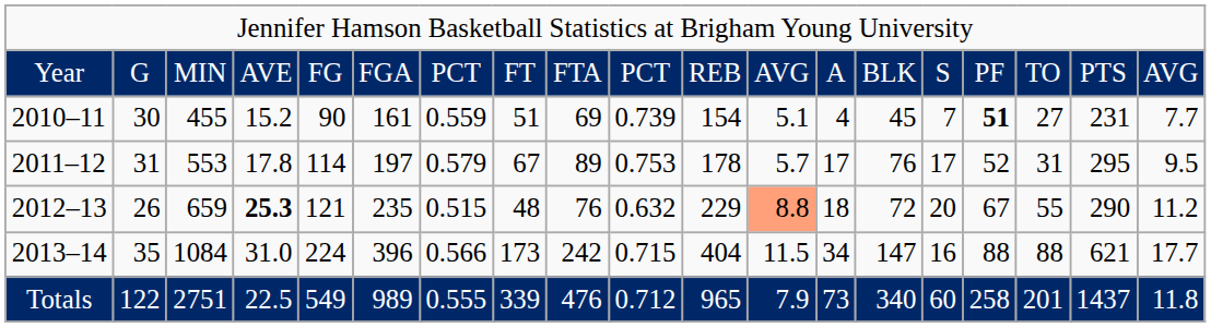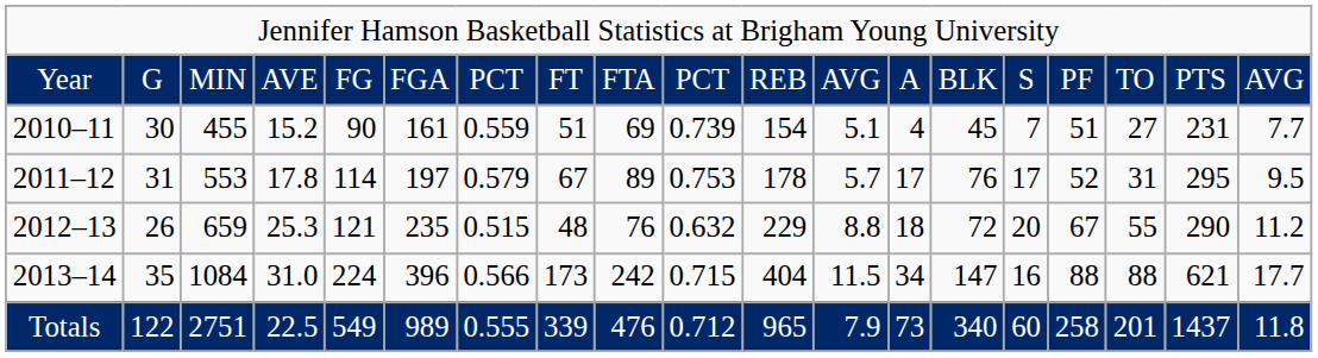 <table class="wikitable">
 <tr style="font-size:10pt" align="center" valign="bottom">
 <td colspan="20" height="14">Jennifer Hamson Basketball Statistics at Brigham Young University</td>
 </tr>
 <tr style="background-color:#002868;font-size:10pt;color:white" align="center" valign="bottom">
 <td height="15">Year</td>
 <td>G</td>
 <td>MIN</td>
 <td>AVE</td>
 <td>FG</td>
 <td>FGA</td>
 <td>PCT</td>
 <td>FT</td>
 <td>FTA</td>
 <td>PCT</td>
 <td>REB</td>
 <td>AVG</td>
 <td>A</td>
 <td>BLK</td>
 <td>S</td>
 <td>PF</td>
 <td>TO</td>
 <td>PTS</td>
 <td>AVG</td>
 </tr>
 <tr style="font-size:10pt">
 <td height="14"  valign="bottom">2010–11</td>
 <td align="right" valign="bottom">30</td>
 <td align="right" valign="bottom">455</td>
 <td align="right" valign="bottom">15.2</td>
 <td align="right" valign="bottom">90</td>
 <td align="right" valign="bottom">161</td>
 <td align="right" valign="bottom">0.559</td>
 <td align="right" valign="bottom">51</td>
 <td align="right" valign="bottom">69</td>
 <td align="right" valign="bottom">0.739</td>
 <td align="right" valign="bottom">154</td>
 <td align="right" valign="bottom">5.1</td>
 <td align="right" valign="bottom">4</td>
 <td align="right" valign="bottom">45</td>
 <td align="right" valign="bottom">7</td>
-<td align="right" valign="bottom"><strong>51</strong></td>
+<td align="right" valign="bottom">51</td>
 <td align="right" valign="bottom">27</td>
 <td align="right" valign="bottom">231</td>
 <td align="right" valign="bottom">7.7</td>
 </tr>
 <tr style="font-size:10pt">
 <td height="14"  valign="bottom">2011–12</td>
 <td align="right" valign="bottom">31</td>
 <td align="right" valign="bottom">553</td>
 <td align="right" valign="bottom">17.8</td>
 <td align="right" valign="bottom">114</td>
 <td align="right" valign="bottom">197</td>
 <td align="right" valign="bottom">0.579</td>
 <td align="right" valign="bottom">67</td>
 <td align="right" valign="bottom">89</td>
 <td align="right" valign="bottom">0.753</td>
 <td align="right" valign="bottom">178</td>
 <td align="right" valign="bottom">5.7</td>
 <td align="right" valign="bottom">17</td>
 <td align="right" valign="bottom">76</td>
 <td align="right" valign="bottom">17</td>
 <td align="right" valign="bottom">52</td>
 <td align="right" valign="bottom">31</td>
 <td align="right" valign="bottom">295</td>
 <td align="right" valign="bottom">9.5</td>
 </tr>
 <tr style="font-size:10pt">
 <td height="14"  valign="bottom">2012–13</td>
 <td align="right" valign="bottom">26</td>
 <td align="right" valign="bottom">659</td>
-<td align="right" valign="bottom"><strong>25.3</strong></td>
+<td align="right" valign="bottom">25.3</td>
 <td align="right" valign="bottom">121</td>
 <td align="right" valign="bottom">235</td>
 <td align="right" valign="bottom">0.515</td>
 <td align="right" valign="bottom">48</td>
 <td align="right" valign="bottom">76</td>
 <td align="right" valign="bottom">0.632</td>
 <td align="right" valign="bottom">229</td>
-<td align="right" valign="bottom" style="background: lightsalmon;">8.8</td>
+<td align="right" valign="bottom">8.8</td>
 <td align="right" valign="bottom">18</td>
 <td align="right" valign="bottom">72</td>
 <td align="right" valign="bottom">20</td>
 <td align="right" valign="bottom">67</td>
 <td align="right" valign="bottom">55</td>
 <td align="right" valign="bottom">290</td>
 <td align="right" valign="bottom">11.2</td>
 </tr>
 <tr style="font-size:10pt">
 <td height="14"  valign="bottom">2013–14</td>
 <td align="right" valign="bottom">35</td>
 <td align="right" valign="bottom">1084</td>
 <td align="right" valign="bottom">31.0</td>
 <td align="right" valign="bottom">224</td>
 <td align="right" valign="bottom">396</td>
 <td align="right" valign="bottom">0.566</td>
 <td align="right" valign="bottom">173</td>
 <td align="right" valign="bottom">242</td>
 <td align="right" valign="bottom">0.715</td>
 <td align="right" valign="bottom">404</td>
 <td align="right" valign="bottom">11.5</td>
 <td align="right" valign="bottom">34</td>
 <td align="right" valign="bottom">147</td>
 <td align="right" valign="bottom">16</td>
 <td align="right" valign="bottom">88</td>
 <td align="right" valign="bottom">88</td>
 <td align="right" valign="bottom">621</td>
 <td align="right" valign="bottom">17.7</td>
 </tr>
 <tr style="background-color:#002868;font-size:10pt;color:white">
 <td height="15" align="center" valign="bottom">Totals</td>
 <td align="right" valign="bottom">122</td>
 <td align="right" valign="bottom">2751</td>
 <td align="right" valign="bottom">22.5</td>
 <td align="right" valign="bottom">549</td>
 <td align="right" valign="bottom">989</td>
 <td align="right" valign="bottom">0.555</td>
 <td align="right" valign="bottom">339</td>
 <td align="right" valign="bottom">476</td>
 <td align="right" valign="bottom">0.712</td>
 <td align="right" valign="bottom">965</td>
 <td align="right" valign="bottom">7.9</td>
 <td align="right" valign="bottom">73</td>
 <td align="right" valign="bottom">340</td>
 <td align="right" valign="bottom">60</td>
 <td align="right" valign="bottom">258</td>
 <td align="right" valign="bottom">201</td>
 <td align="right" valign="bottom">1437</td>
 <td align="right" valign="bottom">11.8</td>
 </tr>
 </table>
